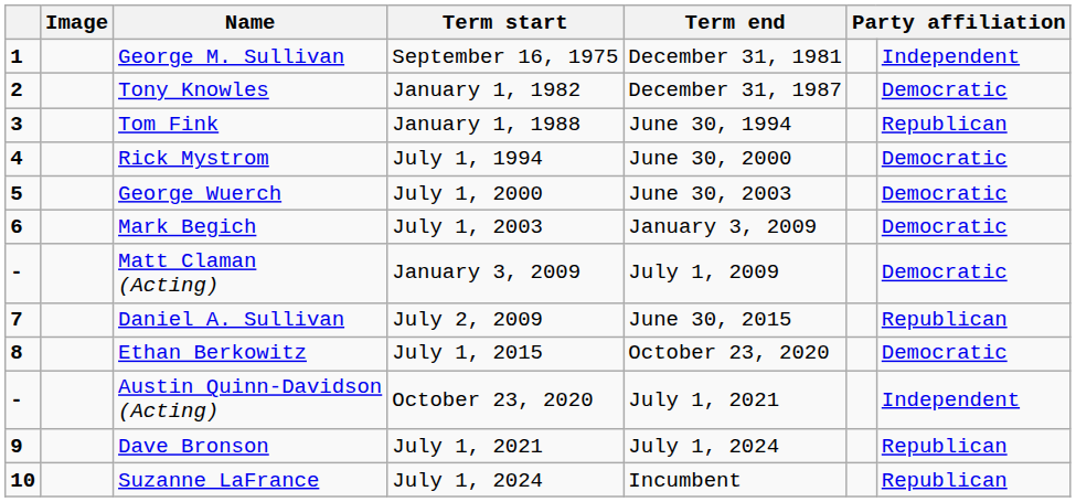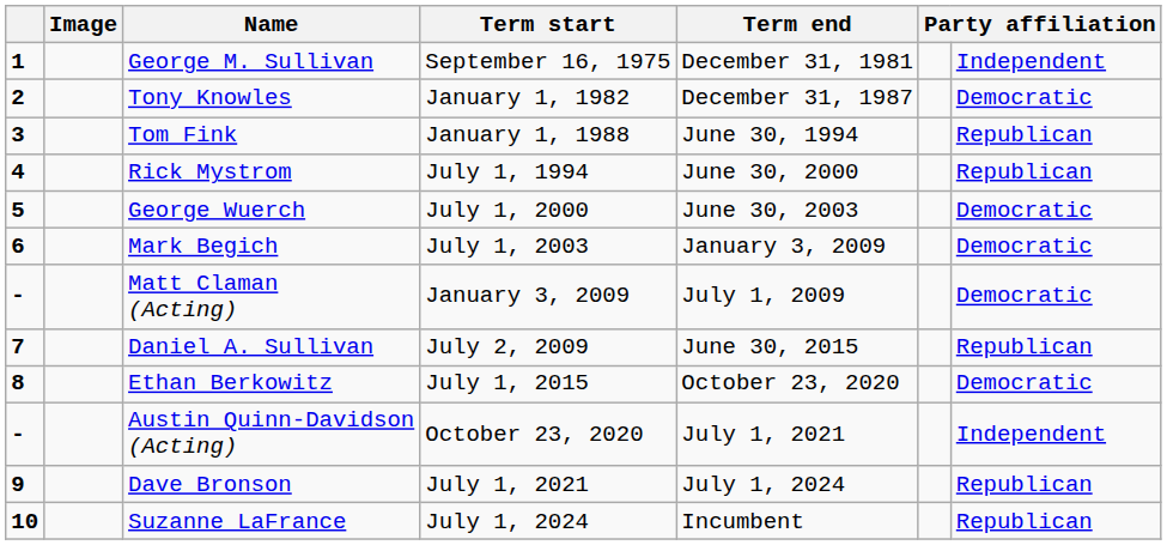 <table class="wikitable">
 <tr>
 <th></th>
 <th>Image</th>
 <th>Name</th>
 <th>Term start</th>
 <th>Term end</th>
 <th colspan="2">Party affiliation</th>
 </tr>
 <tr>
 <td><strong>1</strong></td>
 <td></td>
 <td><a href='#'>George M. Sullivan</a></td>
 <td>September 16, 1975</td>
 <td>December 31, 1981</td>
 <td style="background:"> </td>
 <td><a href='#'>Independent</a></td>
 </tr>
 <tr>
 <td><strong>2</strong></td>
 <td></td>
 <td><a href='#'>Tony Knowles</a></td>
 <td>January 1, 1982</td>
 <td>December 31, 1987</td>
 <td style="background:"> </td>
 <td><a href='#'>Democratic</a></td>
 </tr>
 <tr>
 <td><strong>3</strong></td>
 <td></td>
 <td><a href='#'>Tom Fink</a></td>
 <td>January 1, 1988</td>
 <td>June 30, 1994</td>
 <td style="background:"> </td>
 <td><a href='#'>Republican</a></td>
 </tr>
 <tr>
 <td><strong>4</strong></td>
 <td></td>
 <td><a href='#'>Rick Mystrom</a></td>
 <td>July 1, 1994</td>
 <td>June 30, 2000</td>
 <td style="background:"> </td>
-<td><a href='#'>Democratic</a></td>
+<td><a href='#'>Republican</a></td>
 </tr>
 <tr>
 <td><strong>5</strong></td>
 <td></td>
 <td><a href='#'>George Wuerch</a></td>
 <td>July 1, 2000</td>
 <td>June 30, 2003</td>
 <td style="background:"> </td>
 <td><a href='#'>Democratic</a></td>
 </tr>
 <tr>
 <td><strong>6</strong></td>
 <td></td>
 <td><a href='#'>Mark Begich</a></td>
 <td>July 1, 2003</td>
 <td>January 3, 2009</td>
 <td style="background:"> </td>
 <td><a href='#'>Democratic</a></td>
 </tr>
 <tr>
 <td><strong>-</strong></td>
 <td></td>
 <td><a href='#'>Matt Claman</a><br><em>(Acting)</em></td>
 <td>January 3, 2009</td>
 <td>July 1, 2009</td>
 <td style="background:"> </td>
 <td><a href='#'>Democratic</a></td>
 </tr>
 <tr>
 <td><strong>7</strong></td>
 <td></td>
 <td><a href='#'>Daniel A. Sullivan</a></td>
 <td>July 2, 2009</td>
 <td>June 30, 2015</td>
 <td style="background:"> </td>
 <td><a href='#'>Republican</a></td>
 </tr>
 <tr>
 <td><strong>8</strong></td>
 <td></td>
 <td><a href='#'>Ethan Berkowitz</a></td>
 <td>July 1, 2015</td>
 <td>October 23, 2020</td>
 <td style="background:"> </td>
 <td><a href='#'>Democratic</a></td>
 </tr>
 <tr>
 <td><strong>-</strong></td>
 <td></td>
 <td><a href='#'>Austin Quinn-Davidson</a><br><em>(Acting)</em></td>
 <td>October 23, 2020</td>
 <td>July 1, 2021</td>
 <td style="background:"> </td>
 <td><a href='#'>Independent</a></td>
 </tr>
 <tr>
 <td><strong>9</strong></td>
 <td></td>
 <td><a href='#'>Dave Bronson</a></td>
 <td>July 1, 2021</td>
 <td>July 1, 2024</td>
 <td style="background:"> </td>
 <td><a href='#'>Republican</a></td>
 </tr>
 <tr>
 <td><strong>10</strong></td>
 <td></td>
 <td><a href='#'>Suzanne LaFrance</a></td>
 <td>July 1, 2024</td>
 <td>Incumbent</td>
 <td style="background:"> </td>
 <td><a href='#'>Republican</a></td>
 </tr>
 </table>
